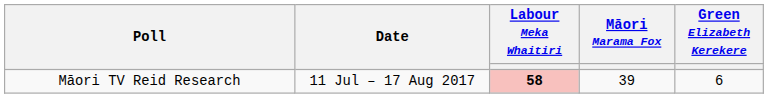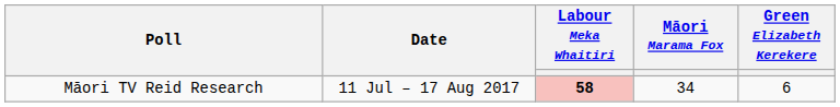 <table class="wikitable" style="font-size:90%; line-height:14px; text-align:center">
 <tr>
 <th style="width:240px;" rowspan="2">Poll</th>
 <th style="width:160px;" rowspan="2">Date </th>
 <th style="width:70px;" r bgcolor=><a href='#'>Labour</a><br><small><em><a href='#'>Meka Whaitiri</a></em></small></th>
 <th style="width:75px;"  bgcolor=><a href='#'>Māori</a><br><small><em><a href='#'>Marama Fox</a></em></small></th>
 <th style="width:70px;" r bgcolor=><a href='#'>Green</a><br><small><em><a href='#'>Elizabeth Kerekere</a></em></small></th>
 </tr>
 <tr>
 <th class="unsortable" style="color:inherit;background:"></th>
 <th class="unsortable" style="color:inherit;background:"></th>
 <th class="unsortable" style="color:inherit;background:"></th>
 </tr>
 <tr>
 <td>Māori TV Reid Research</td>
 <td>11 Jul – 17 Aug 2017</td>
 <td style="background:#F8C1BE"><strong>58</strong></td>
-<td>39</td>
+<td>34</td>
 <td>6</td>
 </tr>
 </table>
